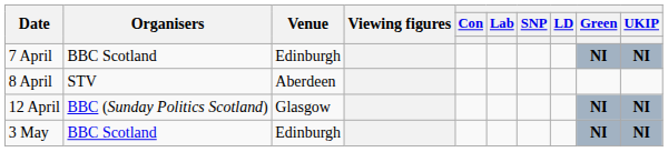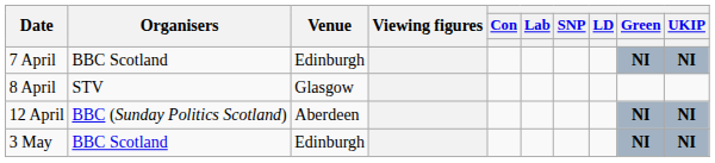 <table class="wikitable" style="font-size:90%;">
 <tr>
 <th rowspan="3">Date</th>
 <th rowspan="3">Organisers</th>
 <th rowspan="3">Venue</th>
 <th rowspan="3">Viewing figures</th>
 <th colspan="6" scope="col">         </th>
 </tr>
 <tr style="font-size:small;">
 <th scope="col"><a href='#'>Con</a></th>
 <th scope="col"><a href='#'>Lab</a></th>
 <th scope="col"><a href='#'>SNP</a></th>
 <th scope="col"><a href='#'>LD</a></th>
 <th scope="col"><a href='#'>Green</a></th>
 <th scope="col"><a href='#'>UKIP</a></th>
 </tr>
 <tr>
 <th style="background:"></th>
 <th style="background:"></th>
 <th style="background:"></th>
 <th style="background:"></th>
 <th style="background:"></th>
 <th style="background:"></th>
 </tr>
 <tr>
 <td>7 April</td>
 <td>BBC Scotland</td>
 <td>Edinburgh</td>
 <th></th>
 <td></td>
 <td></td>
 <td></td>
 <td></td>
 <td style="background:#A2B2C2; color:black; text-align:center;"><strong>NI</strong></td>
 <td style="background:#A2B2C2; color:black; text-align:center;"><strong>NI</strong></td>
 </tr>
 <tr>
 <td>8 April</td>
 <td>STV</td>
-<td>Aberdeen</td>
+<td>Glasgow</td>
 <th></th>
 <td></td>
 <td></td>
 <td></td>
 <td></td>
 <td></td>
 <td></td>
 </tr>
 <tr>
 <td>12 April</td>
 <td><a href='#'>BBC</a> (<em>Sunday Politics Scotland</em>)</td>
-<td>Glasgow</td>
+<td>Aberdeen</td>
 <th></th>
 <td></td>
 <td></td>
 <td></td>
 <td></td>
 <td style="background:#A2B2C2; color:black; text-align:center;"><strong>NI</strong></td>
 <td style="background:#A2B2C2; color:black; text-align:center;"><strong>NI</strong></td>
 </tr>
 <tr>
 <td>3 May</td>
 <td><a href='#'>BBC Scotland</a></td>
 <td>Edinburgh</td>
 <th></th>
 <td></td>
 <td></td>
 <td></td>
 <td></td>
 <td style="background:#A2B2C2; color:black; text-align:center;"><strong>NI</strong></td>
 <td style="background:#A2B2C2; color:black; text-align:center;"><strong>NI</strong></td>
 </tr>
 </table>
